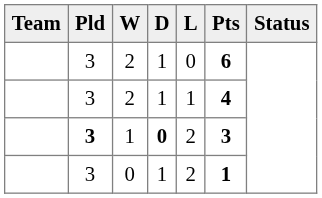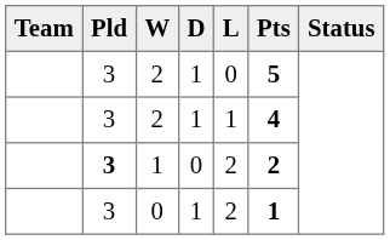 <table style=border-collapse:collapse border=1 cellspacing=0 cellpadding=5>
 <tr align=center bgcolor=#efefef>
 <th>Team</th>
 <th>Pld</th>
 <th>W</th>
 <th>D</th>
 <th>L</th>
 <th>Pts</th>
 <th>Status</th>
 </tr>
 <tr align=center style="background:#FFFFFF;">
 <td style="text-align:left;"> </td>
 <td>3</td>
 <td>2</td>
 <td>1</td>
 <td>0</td>
-<td><strong>6</strong></td>
+<td><strong>5</strong></td>
 <td rowspan=4></td>
 </tr>
 <tr align=center style="background:#FFFFFF;">
 <td style="text-align:left;"> </td>
 <td>3</td>
 <td>2</td>
 <td>1</td>
 <td>1</td>
 <td><strong>4</strong></td>
 </tr>
 <tr align=center style="background:#FFFFFF;">
 <td style="text-align:left;"> </td>
 <td><strong>3</strong></td>
 <td>1</td>
-<td><strong>0</strong></td>
+<td>0</td>
 <td>2</td>
-<td><strong>3</strong></td>
+<td><strong>2</strong></td>
 </tr>
 <tr align=center style="background:#FFFFFF;">
 <td style="text-align:left;"> </td>
 <td>3</td>
 <td>0</td>
 <td>1</td>
 <td>2</td>
 <td><strong>1</strong></td>
 </tr>
 </table>
